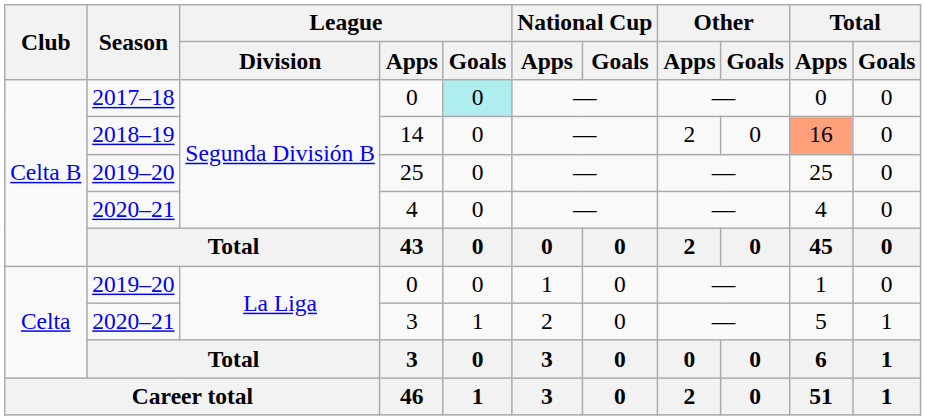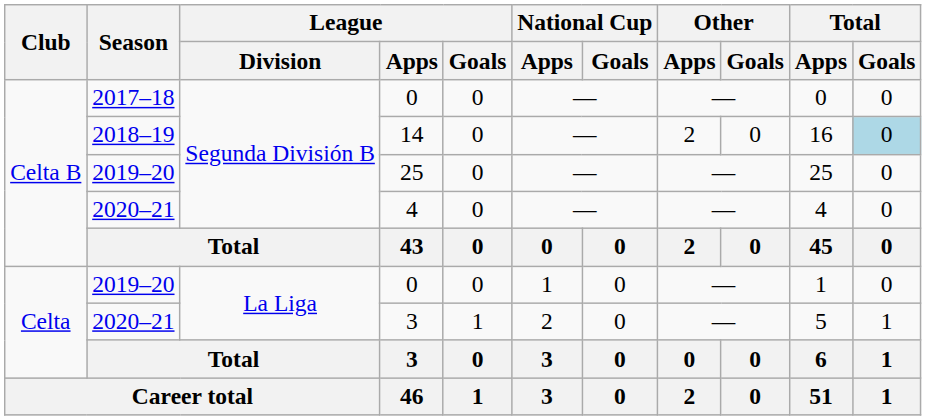 <table class="wikitable" style="text-align:center">
 <tr>
 <th rowspan="2">Club</th>
 <th rowspan="2">Season</th>
 <th colspan="3">League</th>
 <th colspan="2">National Cup</th>
 <th colspan="2">Other</th>
 <th colspan="2">Total</th>
 </tr>
 <tr>
 <th>Division</th>
 <th>Apps</th>
 <th>Goals</th>
 <th>Apps</th>
 <th>Goals</th>
 <th>Apps</th>
 <th>Goals</th>
 <th>Apps</th>
 <th>Goals</th>
 </tr>
 <tr>
 <td rowspan="5"><a href='#'>Celta B</a></td>
 <td><a href='#'>2017–18</a></td>
 <td rowspan="4"><a href='#'>Segunda División B</a></td>
 <td>0</td>
-<td style="background: paleturquoise;">0</td>
+<td>0</td>
 <td colspan="2">—</td>
 <td colspan="2">—</td>
 <td>0</td>
 <td>0</td>
 </tr>
 <tr>
 <td><a href='#'>2018–19</a></td>
 <td>14</td>
 <td>0</td>
 <td colspan="2">—</td>
 <td>2</td>
 <td>0</td>
-<td style="background: lightsalmon;">16</td>
-<td>0</td>
+<td>16</td>
+<td style="background: lightblue;">0</td>
 </tr>
 <tr>
 <td><a href='#'>2019–20</a></td>
 <td>25</td>
 <td>0</td>
 <td colspan="2">—</td>
 <td colspan="2">—</td>
 <td>25</td>
 <td>0</td>
 </tr>
 <tr>
 <td><a href='#'>2020–21</a></td>
 <td>4</td>
 <td>0</td>
 <td colspan="2">—</td>
 <td colspan="2">—</td>
 <td>4</td>
 <td>0</td>
 </tr>
 <tr>
 <th colspan="2">Total</th>
 <th>43</th>
 <th>0</th>
 <th>0</th>
 <th>0</th>
 <th>2</th>
 <th>0</th>
 <th>45</th>
 <th>0</th>
 </tr>
 <tr>
 <td rowspan="3"><a href='#'>Celta</a></td>
 <td><a href='#'>2019–20</a></td>
 <td rowspan="2"><a href='#'>La Liga</a></td>
 <td>0</td>
 <td>0</td>
 <td>1</td>
 <td>0</td>
 <td colspan="2">—</td>
 <td>1</td>
 <td>0</td>
 </tr>
 <tr>
 <td><a href='#'>2020–21</a></td>
 <td>3</td>
 <td>1</td>
 <td>2</td>
 <td>0</td>
 <td colspan="2">—</td>
 <td>5</td>
 <td>1</td>
 </tr>
 <tr>
 <th colspan="2">Total</th>
 <th>3</th>
 <th>0</th>
 <th>3</th>
 <th>0</th>
 <th>0</th>
 <th>0</th>
 <th>6</th>
 <th>1</th>
 </tr>
 <tr>
 <th colspan="3">Career total</th>
 <th>46</th>
 <th>1</th>
 <th>3</th>
 <th>0</th>
 <th>2</th>
 <th>0</th>
 <th>51</th>
 <th>1</th>
 </tr>
 </table>
